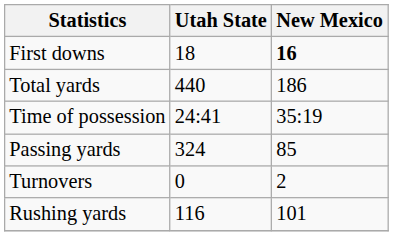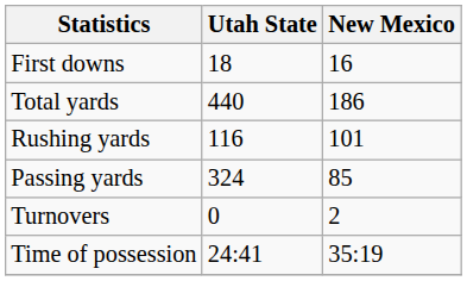 <table class="wikitable">
 <tr>
 <th>Statistics</th>
 <th>Utah State</th>
 <th>New Mexico</th>
 </tr>
 <tr>
 <td>First downs</td>
 <td>18</td>
-<td><strong>16</strong></td>
+<td>16</td>
 </tr>
 <tr>
 <td>Total yards</td>
 <td>440</td>
 <td>186</td>
 </tr>
 <tr>
-<td>Time of possession</td>
-<td>24:41</td>
-<td>35:19</td>
+<td>Rushing yards</td>
+<td>116</td>
+<td>101</td>
 </tr>
 <tr>
 <td>Passing yards</td>
 <td>324</td>
 <td>85</td>
 </tr>
 <tr>
 <td>Turnovers</td>
 <td>0</td>
 <td>2</td>
 </tr>
 <tr>
-<td>Rushing yards</td>
-<td>116</td>
-<td>101</td>
+<td>Time of possession</td>
+<td>24:41</td>
+<td>35:19</td>
 </tr>
 <tr>
 </tr>
 </table>
